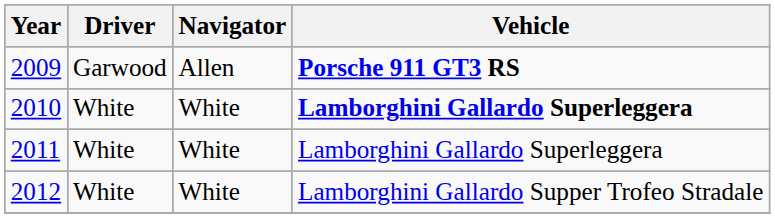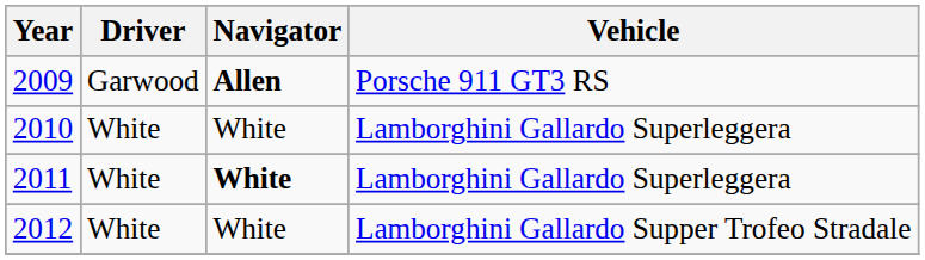 <table class="wikitable sortable" style="font-size: 90%;">
 <tr>
 <th>Year</th>
 <th>Driver</th>
 <th>Navigator</th>
 <th>Vehicle</th>
 </tr>
 <tr>
 <td><a href='#'>2009</a></td>
 <td> Garwood</td>
-<td>Allen</td>
-<td><strong><a href='#'>Porsche 911 GT3</a> RS</strong></td>
+<td><strong>Allen</strong></td>
+<td><a href='#'>Porsche 911 GT3</a> RS</td>
 </tr>
 <tr>
 <td><a href='#'>2010</a></td>
 <td> White</td>
 <td>White</td>
-<td><strong><a href='#'>Lamborghini Gallardo</a> Superleggera</strong></td>
+<td><a href='#'>Lamborghini Gallardo</a> Superleggera</td>
 </tr>
 <tr>
 <td><a href='#'>2011</a></td>
 <td> White</td>
-<td>White</td>
+<td><strong>White</strong></td>
 <td><a href='#'>Lamborghini Gallardo</a> Superleggera</td>
 </tr>
 <tr>
 <td><a href='#'>2012</a></td>
 <td> White</td>
 <td>White</td>
 <td><a href='#'>Lamborghini Gallardo</a> Supper Trofeo Stradale</td>
 </tr>
 <tr>
 </tr>
 </table>
